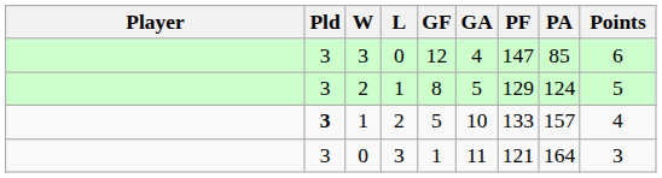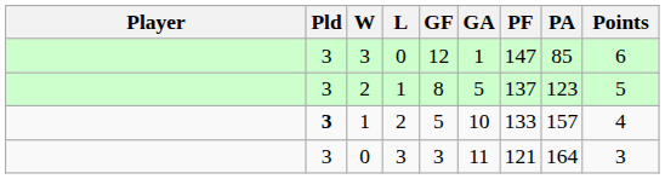 <table class=wikitable style="text-align:center">
 <tr>
 <th width=220>Player</th>
 <th width=20>Pld</th>
 <th width=20>W</th>
 <th width=20>L</th>
 <th width=20>GF</th>
 <th width=20>GA</th>
 <th width=20>PF</th>
 <th width=20>PA</th>
 <th width=50>Points</th>
 </tr>
 <tr bgcolor="#ccffcc">
 <td align=left></td>
 <td>3</td>
 <td>3</td>
 <td>0</td>
 <td>12</td>
-<td>4</td>
+<td>1</td>
 <td>147</td>
 <td>85</td>
 <td>6</td>
 </tr>
 <tr bgcolor="#ccffcc">
 <td align=left></td>
 <td>3</td>
 <td>2</td>
 <td>1</td>
 <td>8</td>
 <td>5</td>
-<td>129</td>
-<td>124</td>
+<td>137</td>
+<td>123</td>
 <td>5</td>
 </tr>
 <tr>
 <td align=left></td>
 <td><strong>3</strong></td>
 <td>1</td>
 <td>2</td>
 <td>5</td>
 <td>10</td>
 <td>133</td>
 <td>157</td>
 <td>4</td>
 </tr>
 <tr>
 <td align=left></td>
 <td>3</td>
 <td>0</td>
 <td>3</td>
-<td>1</td>
+<td>3</td>
 <td>11</td>
 <td>121</td>
 <td>164</td>
 <td>3</td>
 </tr>
 </table>
